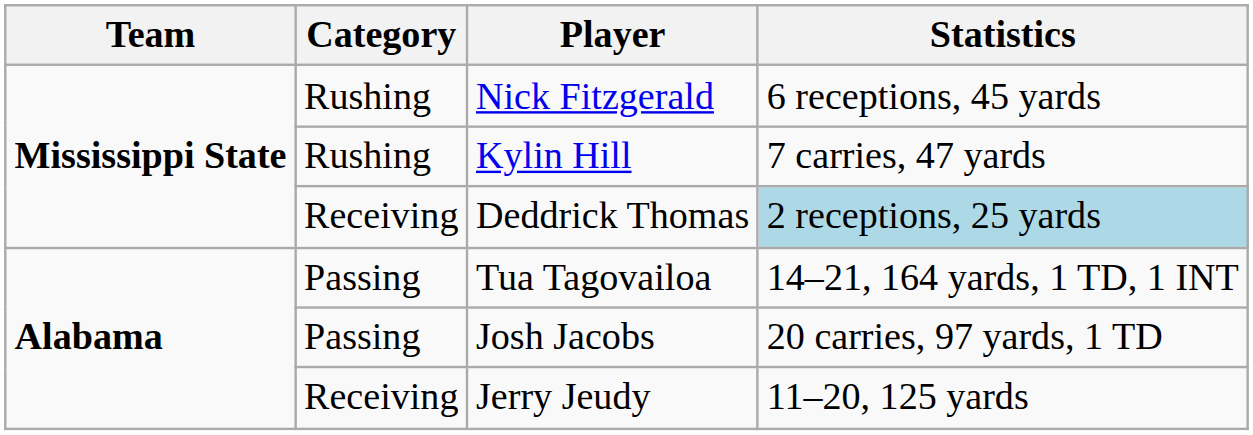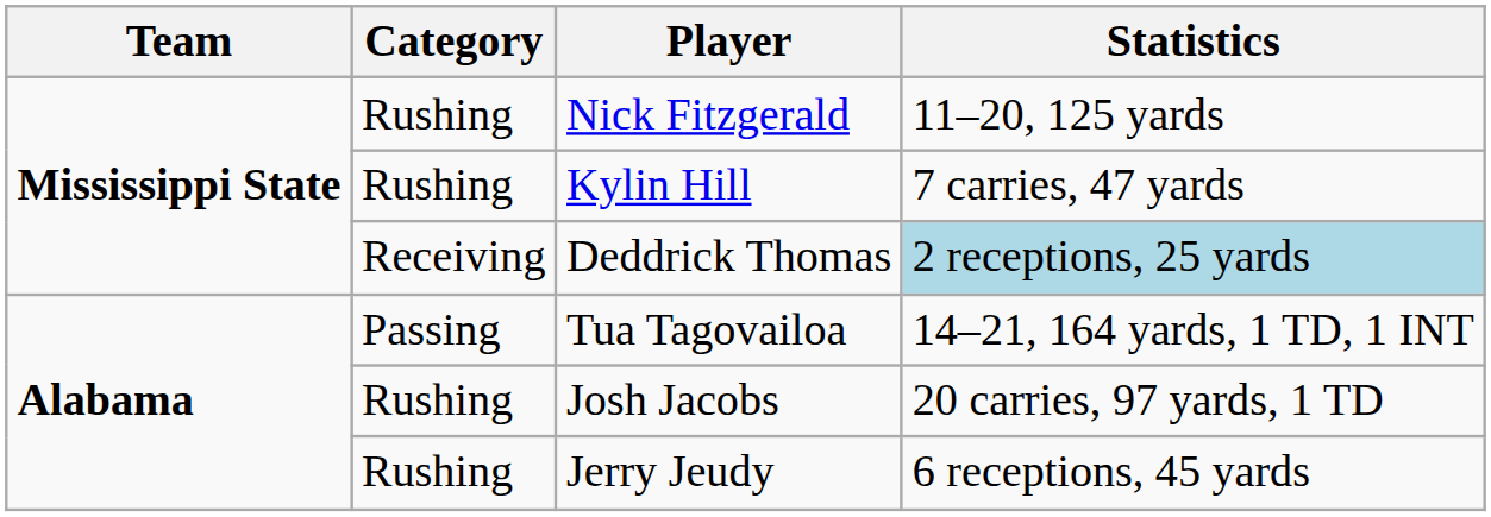 <table class="wikitable" style="float: right;">
 <tr>
 <th>Team</th>
 <th>Category</th>
 <th>Player</th>
 <th>Statistics</th>
 </tr>
 <tr>
 <td rowspan=3><strong>Mississippi State</strong></td>
 <td>Rushing</td>
 <td><a href='#'>Nick Fitzgerald</a></td>
-<td>6 receptions, 45 yards</td>
+<td>11–20, 125 yards</td>
 </tr>
 <tr>
 <td>Rushing</td>
 <td><a href='#'>Kylin Hill</a></td>
 <td>7 carries, 47 yards</td>
 </tr>
 <tr>
 <td>Receiving</td>
 <td>Deddrick Thomas</td>
 <td style="background: lightblue;">2 receptions, 25 yards</td>
 </tr>
 <tr>
 <td rowspan=3><strong>Alabama</strong></td>
 <td>Passing</td>
 <td>Tua Tagovailoa</td>
 <td>14–21, 164 yards, 1 TD, 1 INT</td>
 </tr>
 <tr>
-<td>Passing</td>
+<td>Rushing</td>
 <td>Josh Jacobs</td>
 <td>20 carries, 97 yards, 1 TD</td>
 </tr>
 <tr>
-<td>Receiving</td>
+<td>Rushing</td>
 <td>Jerry Jeudy</td>
-<td>11–20, 125 yards</td>
+<td>6 receptions, 45 yards</td>
 </tr>
 </table>
